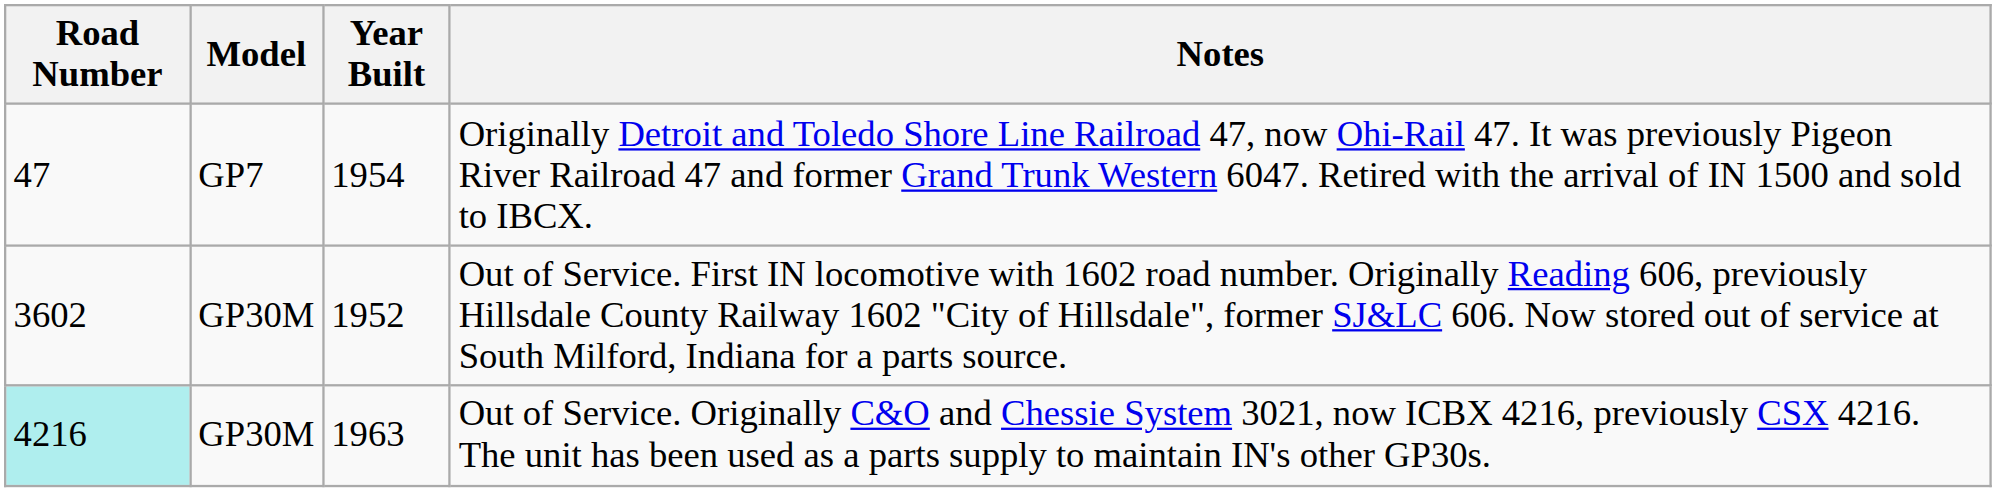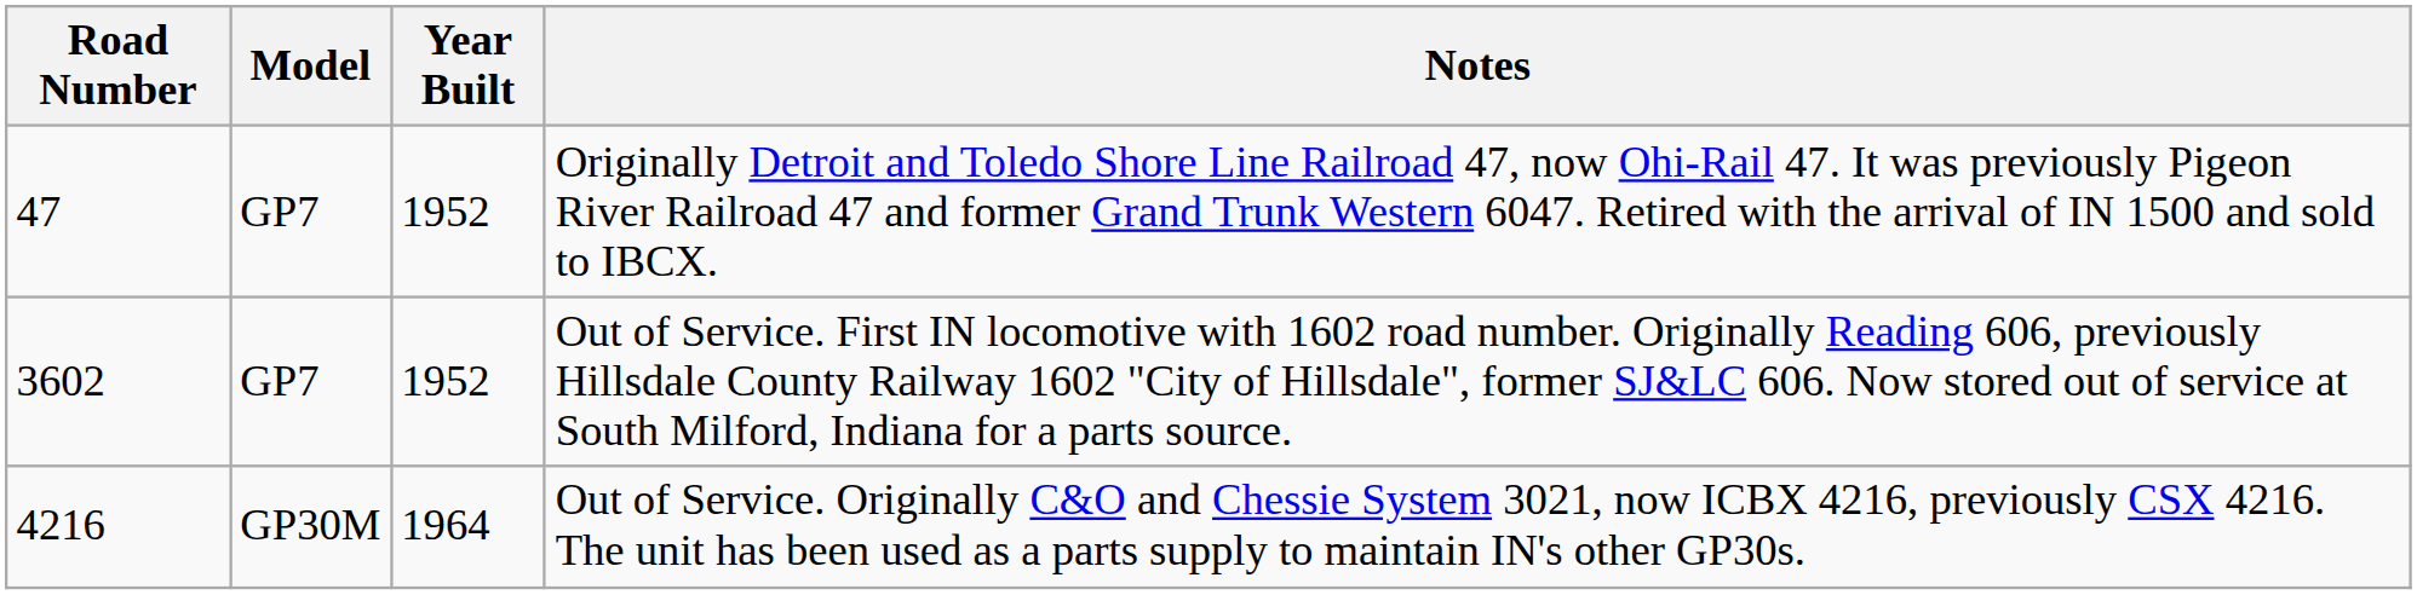 <table class="wikitable">
 <tr>
 <th>Road Number</th>
 <th>Model</th>
 <th>Year Built</th>
 <th>Notes</th>
 </tr>
 <tr>
 <td>47</td>
 <td>GP7</td>
-<td>1954</td>
+<td>1952</td>
 <td>Originally <a href='#'>Detroit and Toledo Shore Line Railroad</a> 47, now <a href='#'>Ohi-Rail</a> 47. It was previously Pigeon River Railroad 47 and former <a href='#'>Grand Trunk Western</a> 6047. Retired with the arrival of IN 1500 and sold to IBCX.</td>
 </tr>
 <tr>
 <td>3602</td>
-<td>GP30M</td>
+<td>GP7</td>
 <td>1952</td>
 <td>Out of Service. First IN locomotive with 1602 road number. Originally <a href='#'>Reading</a> 606, previously Hillsdale County Railway 1602 "City of Hillsdale", former <a href='#'>SJ&LC</a> 606. Now stored out of service at South Milford, Indiana for a parts source.</td>
 </tr>
 <tr>
-<td style="background: paleturquoise;">4216</td>
+<td>4216</td>
 <td>GP30M</td>
-<td>1963</td>
+<td>1964</td>
 <td>Out of Service. Originally <a href='#'>C&O</a> and <a href='#'>Chessie System</a> 3021, now ICBX 4216, previously <a href='#'>CSX</a> 4216. The unit has been used as a parts supply to maintain IN's other GP30s.</td>
 </tr>
 </table>
